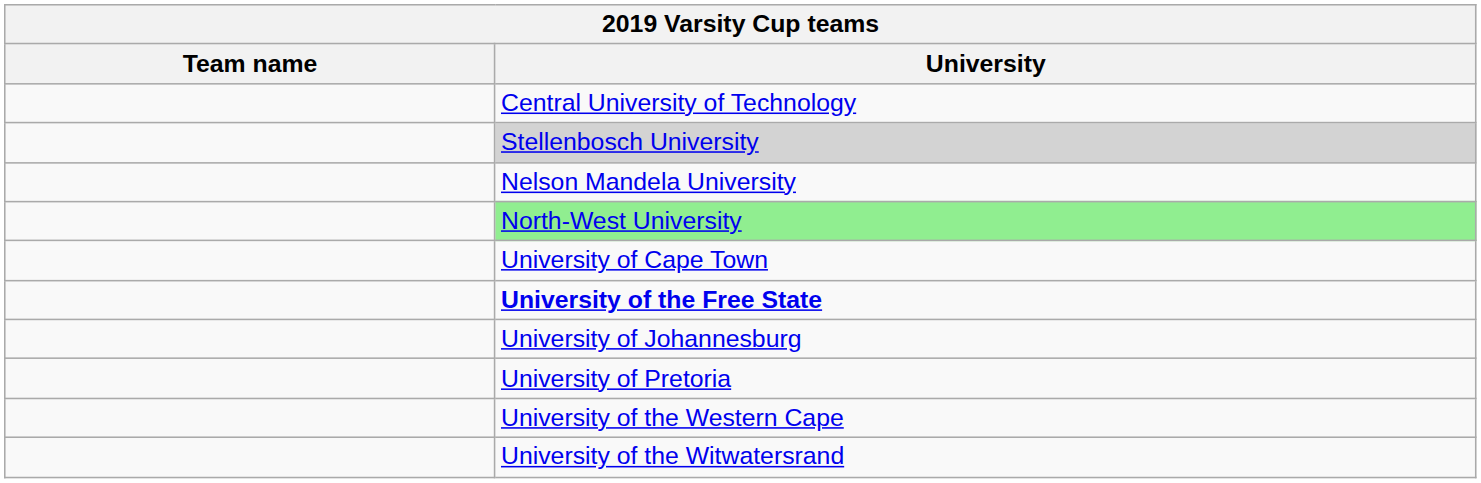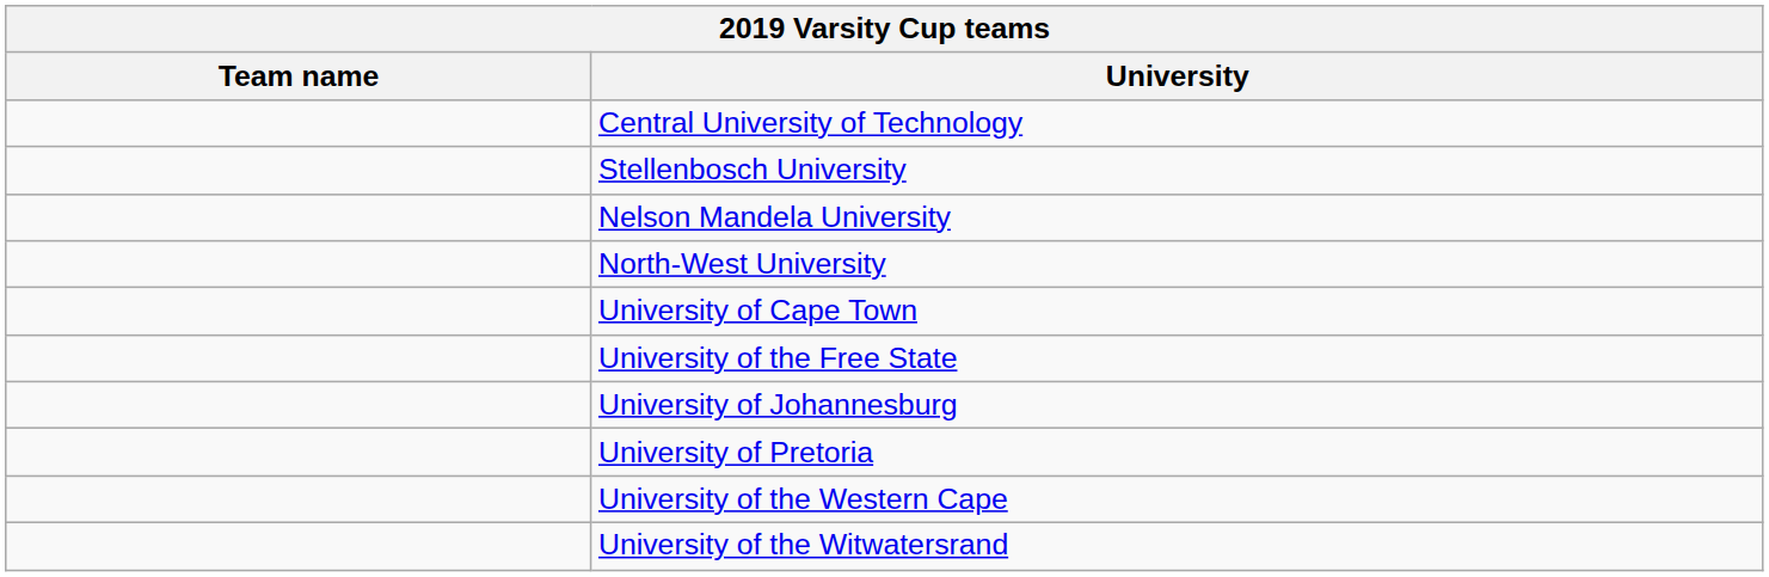 <table class="wikitable collapsible sortable" style="text-align:left; width:60%;">
 <tr>
 <th colspan="100%" align=center>2019 Varsity Cup teams</th>
 </tr>
 <tr>
 <th width="20%">Team name</th>
 <th width="40%">University</th>
 </tr>
 <tr>
 <td></td>
 <td><a href='#'>Central University of Technology</a></td>
 </tr>
 <tr>
 <td></td>
-<td style="background: lightgrey;"><a href='#'>Stellenbosch University</a></td>
+<td><a href='#'>Stellenbosch University</a></td>
 </tr>
 <tr>
 <td></td>
 <td><a href='#'>Nelson Mandela University</a></td>
 </tr>
 <tr>
 <td></td>
-<td style="background: lightgreen;"><a href='#'>North-West University</a></td>
+<td><a href='#'>North-West University</a></td>
 </tr>
 <tr>
 <td></td>
 <td><a href='#'>University of Cape Town</a></td>
 </tr>
 <tr>
 <td></td>
-<td><strong><a href='#'>University of the Free State</a></strong></td>
+<td><a href='#'>University of the Free State</a></td>
 </tr>
 <tr>
 <td></td>
 <td><a href='#'>University of Johannesburg</a></td>
 </tr>
 <tr>
 <td></td>
 <td><a href='#'>University of Pretoria</a></td>
 </tr>
 <tr>
 <td></td>
 <td><a href='#'>University of the Western Cape</a></td>
 </tr>
 <tr>
 <td></td>
 <td><a href='#'>University of the Witwatersrand</a></td>
 </tr>
 </table>
